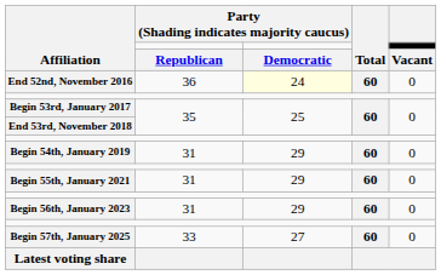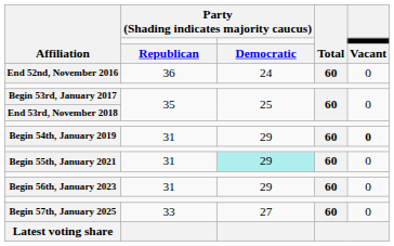 <table class=wikitable style="text-align:center">
 <tr style="vertical-align:bottom;">
 <th rowspan=3>Affiliation</th>
 <th colspan=2>Party <div>(Shading indicates majority caucus)</div></th>
 <th rowspan=3>Total</th>
 <th></th>
 </tr>
 <tr style="height:5px">
 <td style="background-color:"></td>
 <td style="background-color:"></td>
 <td style="background-color:black"></td>
 </tr>
 <tr>
 <th><a href='#'>Republican</a></th>
 <th><a href='#'>Democratic</a></th>
 <th>Vacant</th>
 </tr>
 <tr>
 <th nowrap style="font-size:80%">End 52nd, November 2016</th>
 <td>36</td>
-<td style="background: lightyellow;">24</td>
+<td>24</td>
 <th>60</th>
 <td>0</td>
 </tr>
 <tr>
 <td colspan=5></td>
 </tr>
 <tr>
 <th nowrap style="font-size:80%">Begin 53rd, January 2017</th>
 <td rowspan=2 >35</td>
 <td rowspan=2>25</td>
 <th rowspan=2>60</th>
 <td rowspan=2>0</td>
 </tr>
 <tr>
 <th nowrap style="font-size:80%">End 53rd, November 2018</th>
 </tr>
 <tr>
 <td colspan=5></td>
 </tr>
 <tr>
 <th nowrap style="font-size:80%">Begin 54th, January 2019</th>
 <td>31</td>
 <td>29</td>
 <th>60</th>
-<td>0</td>
+<td><strong>0</strong></td>
 </tr>
 <tr>
 <td colspan=5></td>
 </tr>
 <tr>
 <th nowrap style="font-size:80%">Begin 55th, January 2021</th>
 <td>31</td>
-<td>29</td>
+<td style="background: paleturquoise;">29</td>
 <th>60</th>
 <td>0</td>
 </tr>
 <tr>
 <td colspan=5></td>
 </tr>
 <tr>
 <th nowrap style="font-size:80%">Begin 56th, January 2023</th>
 <td>31</td>
 <td>29</td>
 <th>60</th>
 <td>0</td>
 </tr>
 <tr>
 <td colspan=5></td>
 </tr>
 <tr>
 <th nowrap style="font-size:80%">Begin 57th, January 2025</th>
 <td>33</td>
 <td>27</td>
 <th>60</th>
 <td>0</td>
 </tr>
 <tr>
 <th>Latest voting share</th>
 <th></th>
 <th></th>
 <th colspan=2></th>
 </tr>
 </table>
